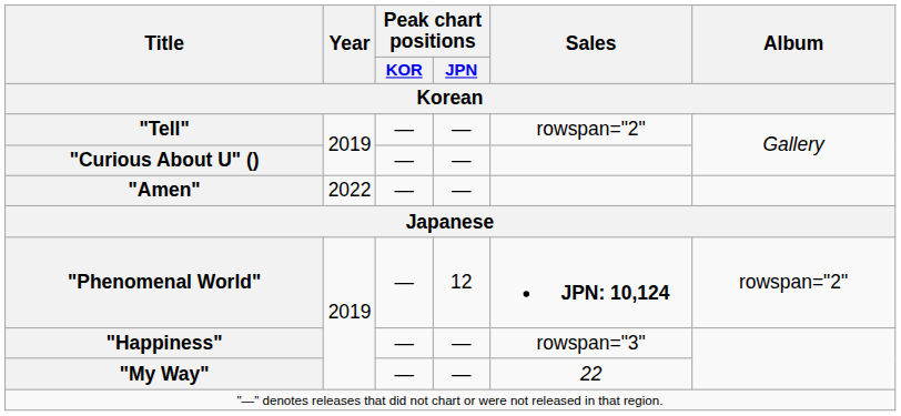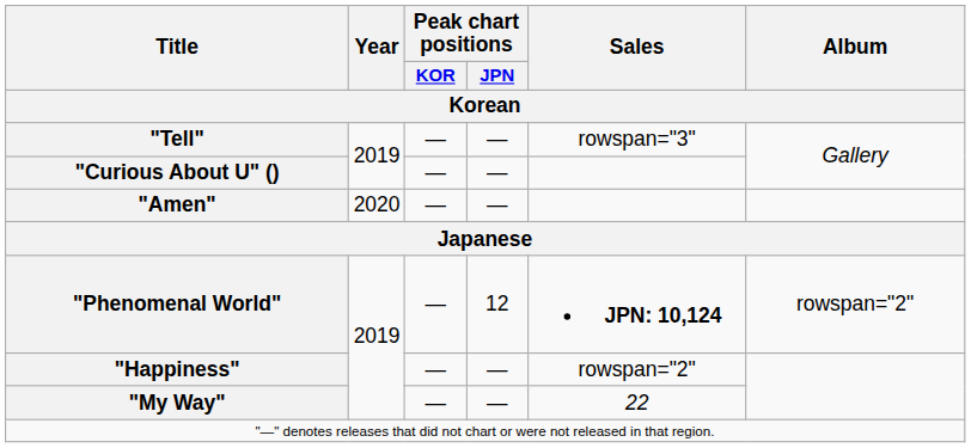 <table class="wikitable plainrowheaders" style="text-align:center">
 <tr>
 <th scope="col" rowspan="2" style="width:16em">Title</th>
 <th scope="col" rowspan="2" style="width:2em">Year</th>
 <th scope="col" colspan="2">Peak chart positions</th>
 <th scope="col" rowspan="2" style="width:10em">Sales</th>
 <th scope="col" rowspan="2" style="width:10em">Album</th>
 </tr>
 <tr>
 <th scope="col" style="width:3em;font-size:85%"><a href='#'>KOR</a></th>
 <th scope="col" style="width:3em;font-size:85%"><a href='#'>JPN</a></th>
 </tr>
 <tr>
 <th colspan="6">Korean</th>
 </tr>
 <tr>
 <th scope="row">"Tell"</th>
 <td rowspan="2">2019</td>
 <td>—</td>
 <td>—</td>
-<td>rowspan="2" </td>
+<td>rowspan="3" </td>
 <td rowspan="2"><em>Gallery</em></td>
 </tr>
 <tr>
 <th scope="row">"Curious About U" ()</th>
 <td>—</td>
 <td>—</td>
 </tr>
 <tr>
 <th scope="row">"Amen"</th>
-<td>2022</td>
+<td>2020</td>
 <td>—</td>
 <td>—</td>
 <td></td>
 </tr>
 <tr>
 <th colspan="6">Japanese</th>
 </tr>
 <tr>
 <th scope="row">"Phenomenal World"</th>
 <td rowspan="3">2019</td>
 <td>—</td>
 <td>12</td>
 <td><strong><br><ul><li>JPN: 10,124</li></ul></strong></td>
 <td>rowspan="2" </td>
 </tr>
 <tr>
 <th scope="row">"Happiness"</th>
 <td>—</td>
 <td>—</td>
-<td>rowspan="3" </td>
+<td>rowspan="2" </td>
 </tr>
 <tr>
 <th scope="row">"My Way" </th>
 <td>—</td>
 <td>—</td>
 <td><em>22</em></td>
 </tr>
 <tr>
 <td colspan="6" style="font-size:8pt">"—" denotes releases that did not chart or were not released in that region.</td>
 </tr>
 </table>
